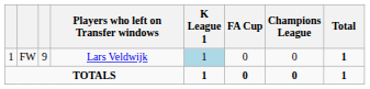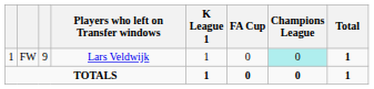 <table class="wikitable sortable" style="font-size: 95%; text-align: center;">
 <tr>
 <th width=10></th>
 <th width=10></th>
 <th width=10></th>
 <th width=180>Players who left on Transfer windows</th>
 <th width=50>K League 1</th>
 <th width=50>FA Cup</th>
 <th width=50>Champions League</th>
 <th width=50>Total</th>
 </tr>
 <tr>
 <td colspan="center">1</td>
 <td>FW</td>
 <td>9</td>
 <td> <a href='#'>Lars Veldwijk</a></td>
-<td style="background: lightblue;">1</td>
+<td>1</td>
 <td>0</td>
-<td>0</td>
+<td style="background: paleturquoise;">0</td>
 <td><strong>1</strong></td>
 </tr>
 <tr>
 <td colspan=4><strong>TOTALS</strong></td>
 <td><strong>1</strong></td>
 <td><strong>0</strong></td>
 <td><strong>0</strong></td>
 <td><strong>1</strong></td>
 </tr>
 </table>
